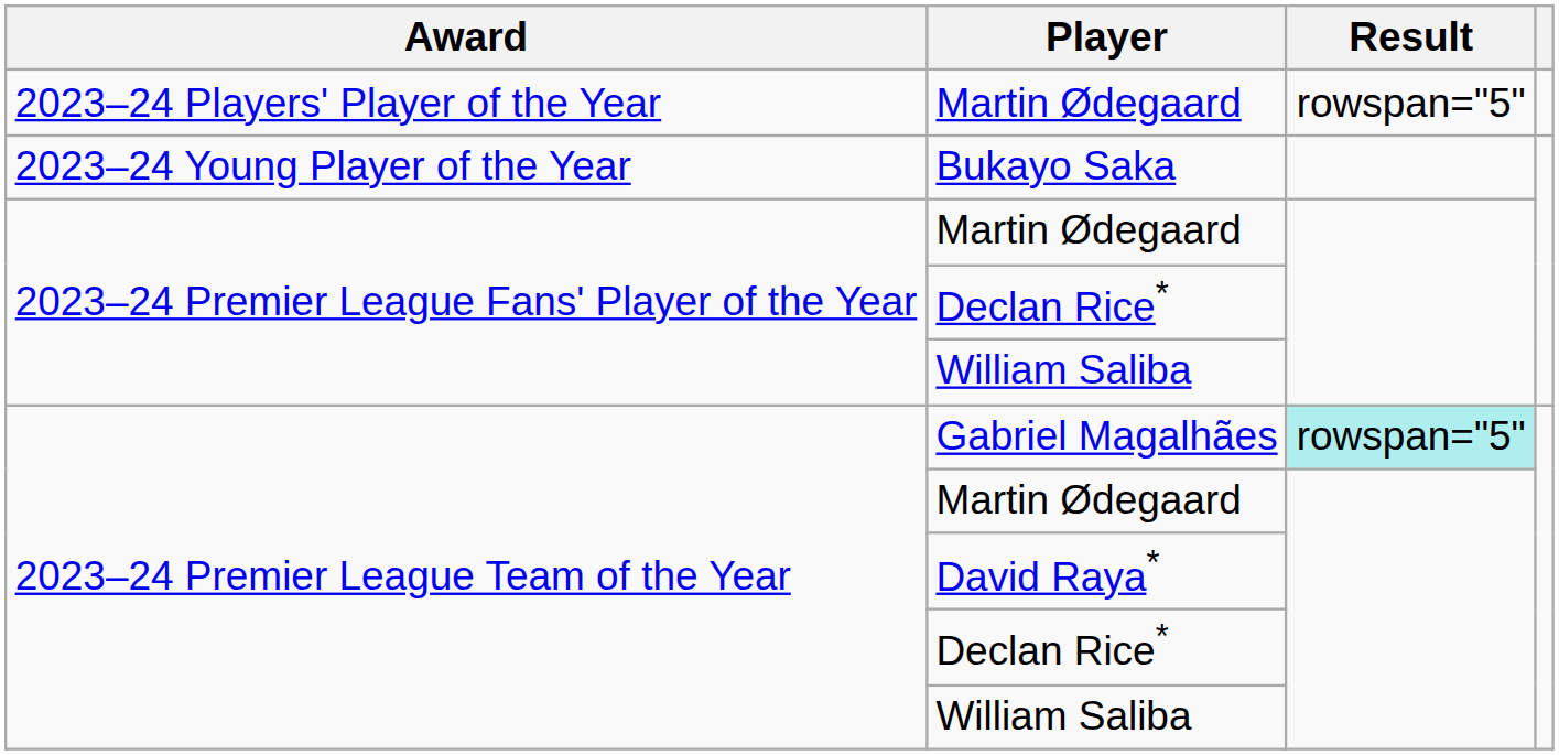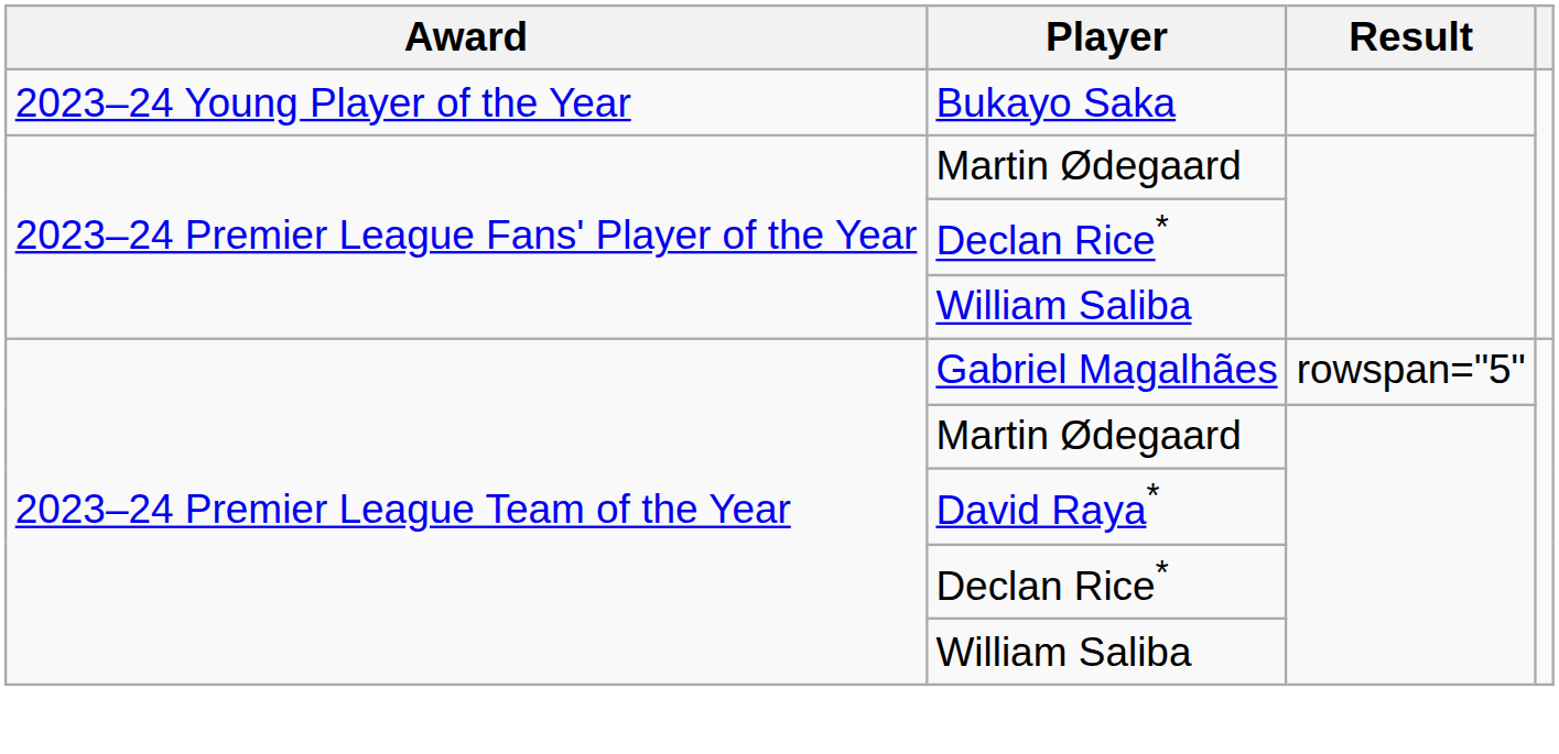 <table class="wikitable" style="text-align:center;">
 <tr>
 <th>Award</th>
 <th>Player</th>
 <th>Result</th>
 <th></th>
-</tr>
-<tr>
-<td style="text-align:left;"><a href='#'>2023–24 Players' Player of the Year</a></td>
-<td style="text-align:left;"> <a href='#'>Martin Ødegaard</a></td>
-<td>rowspan="5" </td>
-<td></td>
 </tr>
 <tr>
 <td style="text-align:left;"><a href='#'>2023–24 Young Player of the Year</a></td>
 <td style="text-align:left;"> <a href='#'>Bukayo Saka</a></td>
 <td></td>
 </tr>
 <tr>
 <td rowspan="3" style="text-align:left;"><a href='#'>2023–24 Premier League Fans' Player of the Year</a></td>
 <td style="text-align:left;"> Martin Ødegaard</td>
 <td rowspan="3"></td>
 </tr>
 <tr>
 <td style="text-align:left;"> <a href='#'>Declan Rice</a><sup>*</sup></td>
 </tr>
 <tr>
 <td style="text-align:left;"> <a href='#'>William Saliba</a></td>
 </tr>
 <tr>
 <td rowspan="5" style="text-align:left;"><a href='#'>2023–24 Premier League Team of the Year</a></td>
 <td style="text-align:left;"> <a href='#'>Gabriel Magalhães</a></td>
-<td style="background: paleturquoise;">rowspan="5" </td>
+<td>rowspan="5" </td>
 <td rowspan="5"></td>
 </tr>
 <tr>
 <td style="text-align:left;"> Martin Ødegaard</td>
 </tr>
 <tr>
 <td style="text-align:left;"> <a href='#'>David Raya</a><sup>*</sup></td>
 </tr>
 <tr>
 <td style="text-align:left;"> Declan Rice<sup>*</sup></td>
 </tr>
 <tr>
 <td style="text-align:left;"> William Saliba</td>
 </tr>
 </table>
